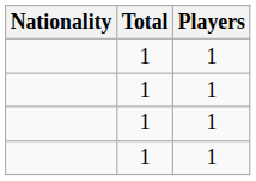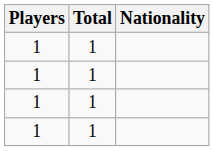 <table class="wikitable sortable">
 <tr>
+<th>Players</th>
+<th>Total</th>
 <th>Nationality</th>
-<th>Total</th>
-<th>Players</th>
 </tr>
 <tr>
-<td></td>
 <td align="center">1</td>
 <td align="center">1</td>
+<td></td>
 </tr>
 <tr>
-<td></td>
 <td align="center">1</td>
 <td align="center">1</td>
+<td></td>
 </tr>
 <tr>
-<td></td>
 <td align="center">1</td>
 <td align="center">1</td>
+<td></td>
 </tr>
 <tr>
-<td></td>
 <td align="center">1</td>
 <td align="center">1</td>
+<td></td>
 </tr>
 </table>
